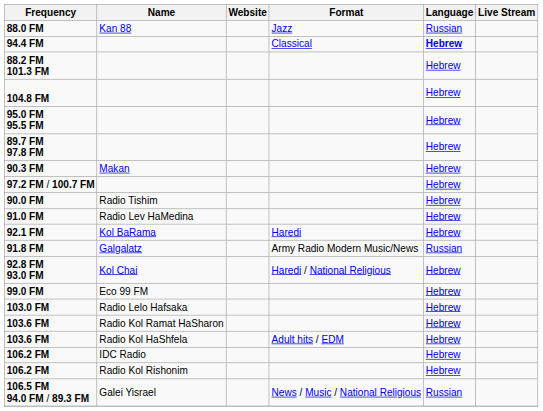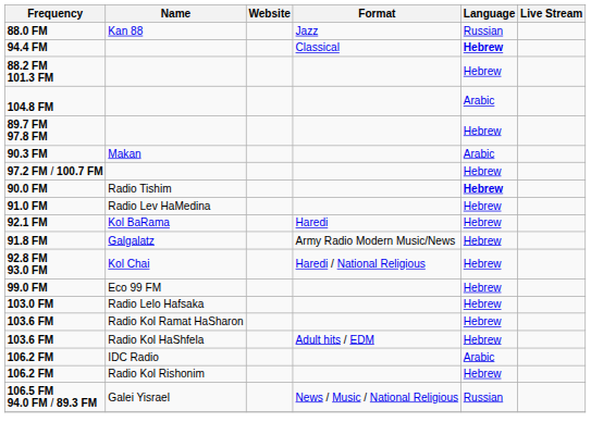 <table class="wikitable" style="font-size: 90%;">
 <tr>
 <th>Frequency</th>
 <th>Name</th>
 <th>Website</th>
 <th>Format</th>
 <th>Language</th>
 <th>Live Stream</th>
 </tr>
 <tr>
 <td><strong>88.0 FM</strong></td>
 <td><a href='#'>Kan 88</a></td>
 <td></td>
 <td><a href='#'>Jazz</a></td>
 <td><a href='#'>Russian</a></td>
 <td></td>
 </tr>
 <tr>
 <td><strong>94.4 FM</strong></td>
 <td></td>
 <td></td>
 <td><a href='#'>Classical</a></td>
 <td><strong><a href='#'>Hebrew</a></strong></td>
 <td></td>
 </tr>
 <tr>
 <td><strong>88.2 FM</strong><br><strong>101.3 FM</strong></td>
 <td></td>
 <td></td>
 <td></td>
 <td><a href='#'>Hebrew</a></td>
 <td></td>
 </tr>
 <tr>
 <td><br><strong>104.8 FM</strong></td>
 <td></td>
 <td></td>
 <td></td>
-<td><a href='#'>Hebrew</a></td>
-<td></td>
-</tr>
-<tr>
-<td><strong>95.0 FM</strong><br><strong>95.5 FM</strong></td>
-<td></td>
-<td></td>
-<td></td>
-<td><a href='#'>Hebrew</a></td>
+<td><a href='#'>Arabic</a></td>
 <td></td>
 </tr>
 <tr>
 <td><strong>89.7 FM</strong><br><strong>97.8 FM</strong></td>
 <td></td>
 <td></td>
 <td></td>
 <td><a href='#'>Hebrew</a></td>
 <td></td>
 </tr>
 <tr>
 <td><strong>90.3 FM</strong></td>
 <td><a href='#'>Makan</a></td>
 <td> </td>
 <td></td>
-<td><a href='#'>Hebrew</a></td>
+<td><a href='#'>Arabic</a></td>
 <td> </td>
 </tr>
 <tr>
 <td><strong>97.2 FM</strong> / <strong>100.7 FM</strong></td>
 <td></td>
 <td></td>
 <td></td>
 <td><a href='#'>Hebrew</a></td>
 <td></td>
 </tr>
 <tr>
 <td><strong>90.0 FM</strong></td>
 <td>Radio Tishim</td>
 <td></td>
 <td></td>
-<td><a href='#'>Hebrew</a></td>
+<td><strong><a href='#'>Hebrew</a></strong></td>
 <td></td>
 </tr>
 <tr>
 <td><strong>91.0 FM</strong></td>
 <td>Radio Lev HaMedina</td>
 <td></td>
 <td></td>
 <td><a href='#'>Hebrew</a></td>
 <td> </td>
 </tr>
 <tr>
 <td><strong>92.1 FM</strong></td>
 <td><a href='#'>Kol BaRama</a></td>
 <td></td>
 <td><a href='#'>Haredi</a></td>
 <td><a href='#'>Hebrew</a></td>
 <td></td>
 </tr>
 <tr>
 <td><strong>91.8 FM</strong></td>
 <td><a href='#'>Galgalatz</a></td>
 <td></td>
 <td>Army Radio Modern Music/News</td>
-<td><a href='#'>Russian</a></td>
+<td><a href='#'>Hebrew</a></td>
 <td></td>
 </tr>
 <tr>
 <td><strong>92.8 FM</strong><br><strong>93.0 FM</strong></td>
 <td><a href='#'>Kol Chai</a></td>
 <td></td>
 <td><a href='#'>Haredi</a> / <a href='#'>National Religious</a></td>
 <td><a href='#'>Hebrew</a></td>
 <td></td>
 </tr>
 <tr>
 <td><strong>99.0 FM</strong></td>
 <td>Eco 99 FM</td>
 <td></td>
 <td></td>
 <td><a href='#'>Hebrew</a></td>
 <td></td>
 </tr>
 <tr>
 <td><strong>103.0 FM</strong></td>
 <td>Radio Lelo Hafsaka</td>
 <td></td>
 <td></td>
 <td><a href='#'>Hebrew</a></td>
 <td></td>
 </tr>
 <tr>
 <td><strong>103.6 FM</strong></td>
 <td>Radio Kol Ramat HaSharon</td>
 <td></td>
 <td></td>
 <td><a href='#'>Hebrew</a></td>
 <td></td>
 </tr>
 <tr>
 <td><strong>103.6 FM</strong></td>
 <td>Radio Kol HaShfela</td>
 <td></td>
 <td><a href='#'>Adult hits</a> / <a href='#'>EDM</a></td>
 <td><a href='#'>Hebrew</a></td>
 <td> </td>
 </tr>
 <tr>
 <td><strong>106.2 FM</strong></td>
 <td>IDC Radio</td>
 <td></td>
 <td></td>
-<td><a href='#'>Hebrew</a></td>
+<td><a href='#'>Arabic</a></td>
 <td></td>
 </tr>
 <tr>
 <td><strong>106.2 FM</strong></td>
 <td>Radio Kol Rishonim</td>
 <td></td>
 <td></td>
 <td><a href='#'>Hebrew</a></td>
 <td></td>
 </tr>
 <tr>
 <td><strong>106.5 FM</strong><br><strong>94.0 FM</strong> /  <strong>89.3 FM</strong></td>
 <td>Galei Yisrael</td>
 <td></td>
 <td><a href='#'>News</a> / <a href='#'>Music</a> / <a href='#'>National Religious</a></td>
 <td><a href='#'>Russian</a></td>
 <td> </td>
 </tr>
 <tr>
 </tr>
 </table>
